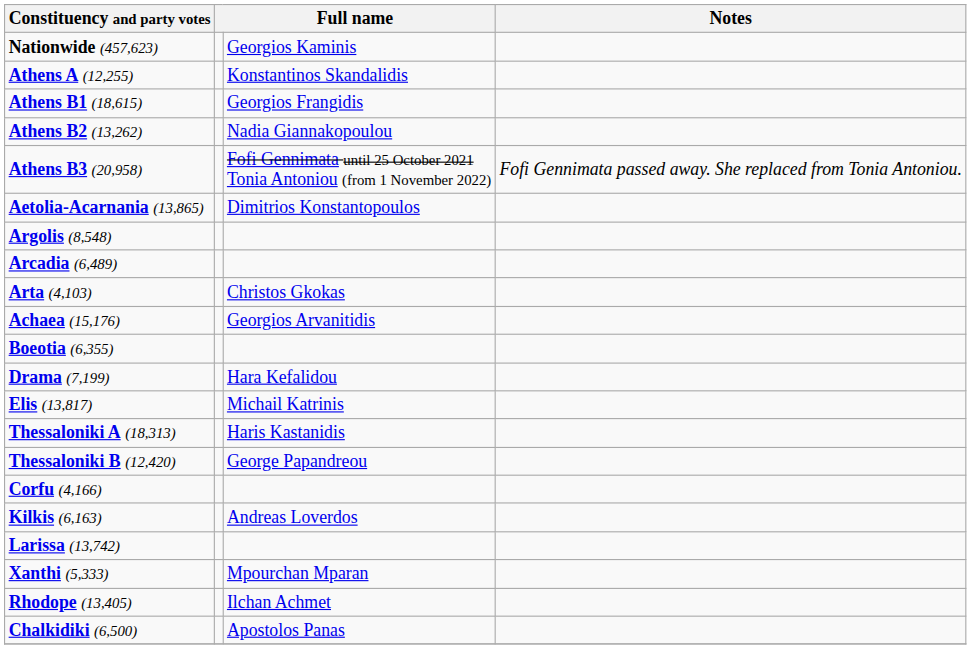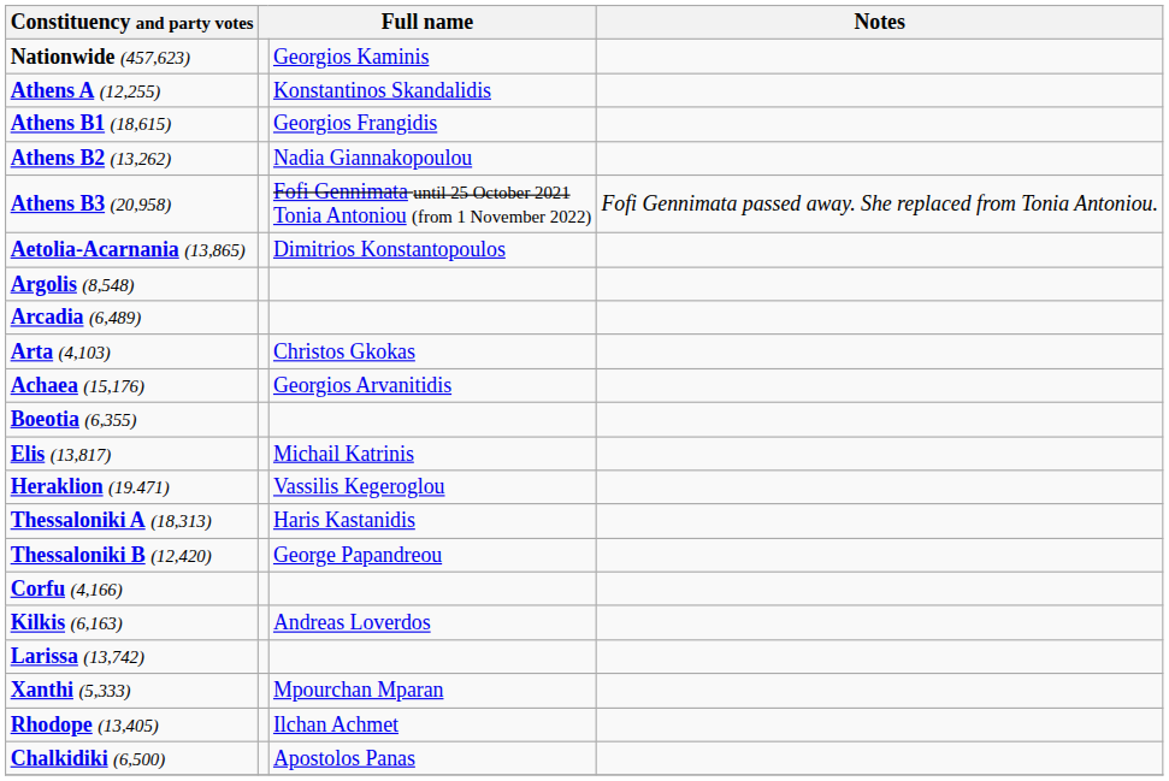 <table class="wikitable">
 <tr>
 <th>Constituency <small>and party votes</small></th>
 <th colspan="2">Full name</th>
 <th>Notes</th>
 </tr>
 <tr>
 <td><strong>Nationwide</strong>  <small><em>(457,623)</em></small></td>
 <td></td>
 <td><a href='#'>Georgios Kaminis</a></td>
 <td></td>
 </tr>
 <tr>
 <td><strong><a href='#'>Athens A</a></strong>  <small><em>(12,255)</em></small></td>
 <td></td>
 <td><a href='#'>Konstantinos Skandalidis</a></td>
 <td></td>
 </tr>
 <tr>
 <td><strong><a href='#'>Athens B1</a></strong> <small><em>(18,615)</em></small></td>
 <td></td>
 <td><a href='#'>Georgios Frangidis</a></td>
 <td></td>
 </tr>
 <tr>
 <td><strong><a href='#'>Athens B2</a></strong> <small><em>(13,262)</em></small></td>
 <td></td>
 <td><a href='#'>Nadia Giannakopoulou</a></td>
 <td></td>
 </tr>
 <tr>
 <td><strong><a href='#'>Athens B3</a></strong> <small><em>(20,958)</em></small></td>
 <td></td>
 <td><s><a href='#'>Fofi Gennimata</a> <small>until 25 October 2021</small></s> <br> <a href='#'>Tonia Antoniou</a> <small>(from 1 November 2022)</small></td>
 <td><em>Fofi Gennimata passed away. She replaced from Tonia Antoniou.</em> </td>
 </tr>
 <tr>
 <td><a href='#'><strong>Aetolia-Acarnania</strong></a> <small><em>(13,865)</em></small></td>
 <td></td>
 <td><a href='#'>Dimitrios Konstantopoulos</a></td>
 <td></td>
 </tr>
 <tr>
 <td><a href='#'><strong>Argolis</strong></a> <small><em>(8,548)</em></small></td>
 <td></td>
 <td></td>
 <td></td>
 </tr>
 <tr>
 <td><strong><a href='#'>Arcadia</a></strong> <small><em>(6,489)</em></small></td>
 <td></td>
 <td></td>
 <td></td>
 </tr>
 <tr>
 <td><strong><a href='#'>Arta</a></strong> <small><em>(4,103)</em></small></td>
 <td></td>
 <td><a href='#'>Christos Gkokas</a></td>
 <td></td>
 </tr>
 <tr>
 <td><a href='#'><strong>Achaea</strong></a>  <small><em>(15,176)</em></small></td>
 <td></td>
 <td><a href='#'>Georgios Arvanitidis</a></td>
 <td></td>
 </tr>
 <tr>
 <td><a href='#'><strong>Boeotia</strong></a> <small><em>(6,355)</em></small></td>
 <td></td>
 <td></td>
 <td></td>
 </tr>
 <tr>
-<td><a href='#'><strong>Drama</strong></a> <small><em>(7,199)</em></small></td>
+<td><strong><a href='#'>Elis</a></strong> <small><em>(13,817)</em></small></td>
 <td></td>
-<td><a href='#'>Hara Kefalidou</a></td>
+<td><a href='#'>Michail Katrinis</a></td>
 <td></td>
 </tr>
 <tr>
-<td><strong><a href='#'>Elis</a></strong> <small><em>(13,817)</em></small></td>
+<td><strong><a href='#'>Heraklion</a></strong>  <small><em>(19.471)</em></small></td>
 <td></td>
-<td><a href='#'>Michail Katrinis</a></td>
+<td><a href='#'>Vassilis Kegeroglou</a> </td>
 <td></td>
 </tr>
 <tr>
 <td><strong><a href='#'>Thessaloniki A</a></strong> <small><em>(18,313)</em></small></td>
 <td></td>
 <td><a href='#'>Haris Kastanidis</a></td>
 <td></td>
 </tr>
 <tr>
 <td><strong><a href='#'>Thessaloniki B</a></strong> <small><em>(12,420)</em></small></td>
 <td></td>
 <td><a href='#'>George Papandreou</a></td>
 <td></td>
 </tr>
 <tr>
 <td><a href='#'><strong>Corfu</strong></a> <small><em>(4,166)</em></small></td>
 <td></td>
 <td></td>
 <td></td>
 </tr>
 <tr>
 <td><a href='#'><strong>Kilkis</strong></a> <small><em>(6,163)</em></small></td>
 <td></td>
 <td><a href='#'>Andreas Loverdos</a></td>
 <td></td>
 </tr>
 <tr>
 <td><strong><a href='#'>Larissa</a></strong> <small><em>(13,742)</em></small></td>
 <td></td>
 <td></td>
 <td></td>
 </tr>
 <tr>
 <td><strong><a href='#'>Xanthi</a></strong> <small><em>(5,333)</em></small></td>
 <td></td>
 <td><a href='#'>Mpourchan Mparan</a></td>
 <td></td>
 </tr>
 <tr>
 <td><a href='#'><strong>Rhodope</strong></a>  <small><em>(13,405)</em></small></td>
 <td></td>
 <td><a href='#'>Ilchan Achmet</a></td>
 <td></td>
 </tr>
 <tr>
 <td><strong><a href='#'>Chalkidiki</a></strong>  <small><em>(6,500)</em></small></td>
 <td></td>
 <td><a href='#'>Apostolos Panas</a></td>
 <td></td>
 </tr>
 <tr>
 </tr>
 </table>
